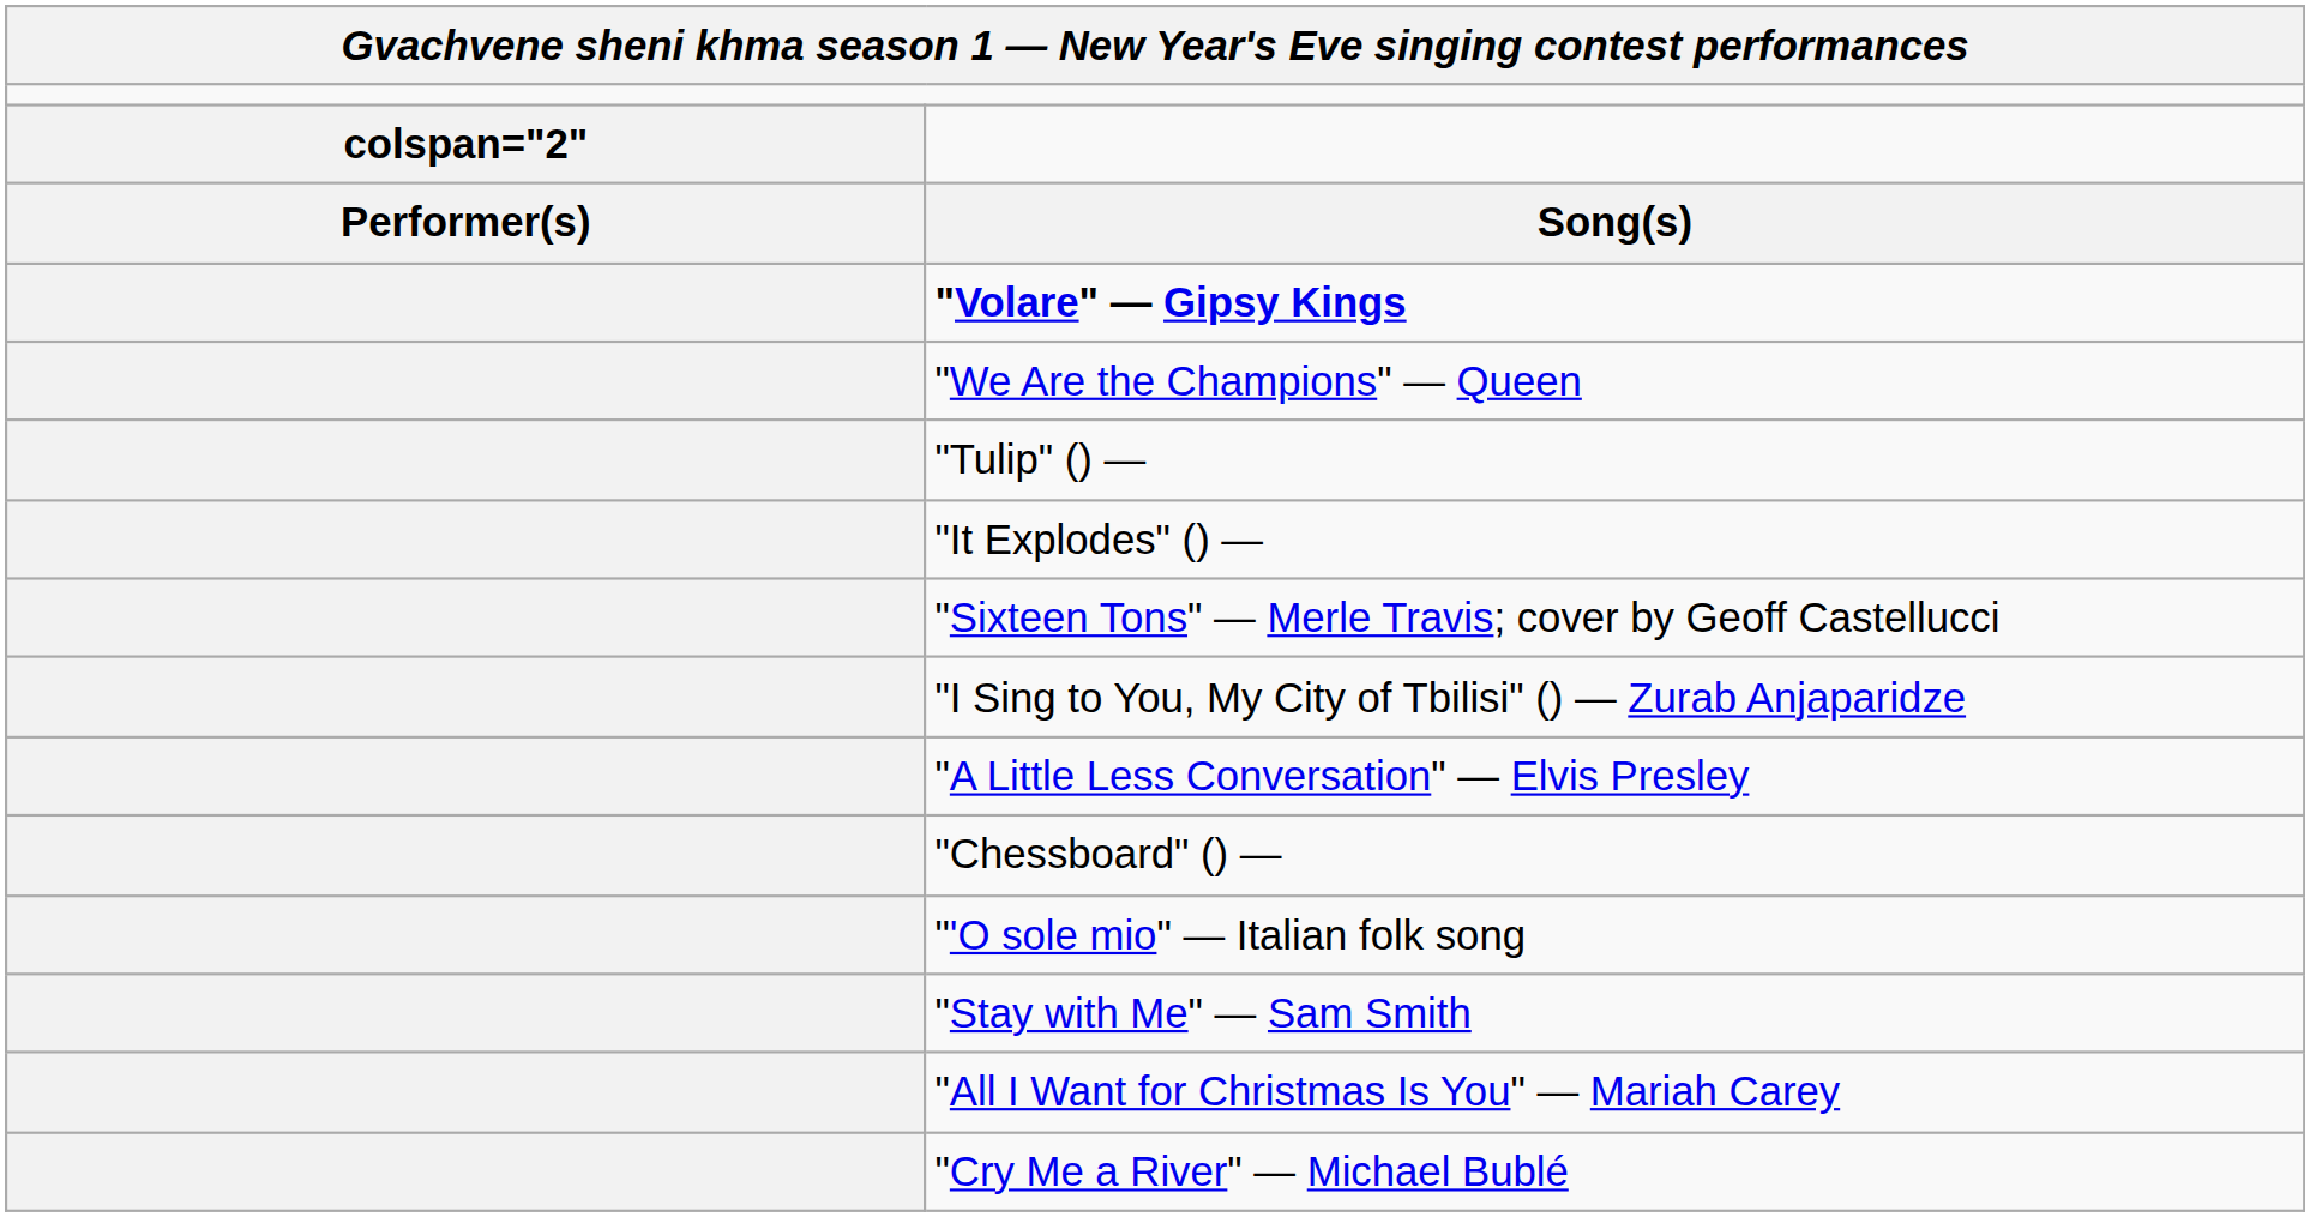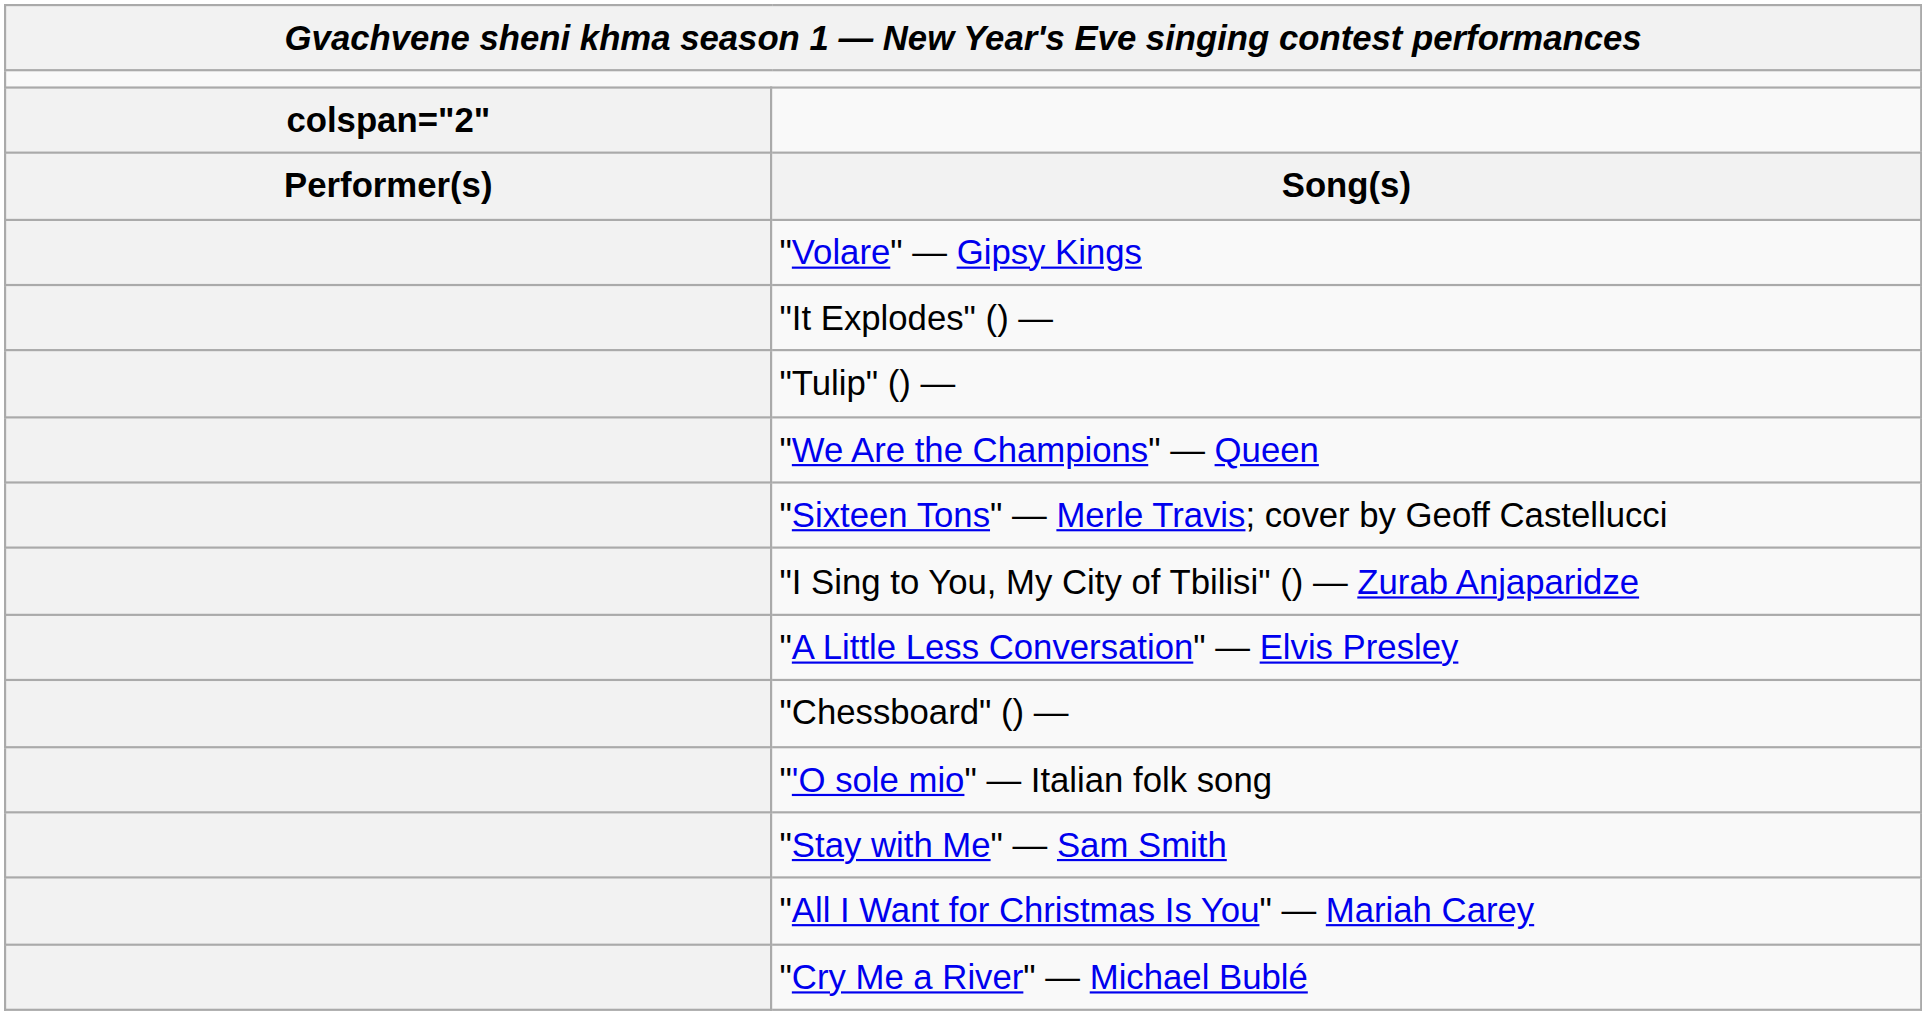 <table class="wikitable plainrowheaders mw-collapsible" style="line-height:23px; width:100%;">
 <tr>
 <th colspan=2><em>Gvachvene sheni khma season 1 — New Year's Eve singing contest performances</em></th>
 </tr>
 <tr>
 <td colspan="2"></td>
 </tr>
 <tr>
 <th>colspan="2" </th>
 </tr>
 <tr>
 <th width=40%>Performer(s)</th>
 <th>Song(s)</th>
 </tr>
 <tr>
 <th></th>
-<td><strong>"<a href='#'>Volare</a>" — <a href='#'>Gipsy Kings</a></strong></td>
+<td>"<a href='#'>Volare</a>" — <a href='#'>Gipsy Kings</a></td>
 </tr>
 <tr>
 <th></th>
-<td>"<a href='#'>We Are the Champions</a>" — <a href='#'>Queen</a></td>
+<td>"It Explodes" () — </td>
 </tr>
 <tr>
 <th></th>
 <td>"Tulip" () — </td>
 </tr>
 <tr>
 <th></th>
-<td>"It Explodes" () — </td>
+<td>"<a href='#'>We Are the Champions</a>" — <a href='#'>Queen</a></td>
 </tr>
 <tr>
 <th></th>
 <td>"<a href='#'>Sixteen Tons</a>" — <a href='#'>Merle Travis</a>; cover by Geoff Castellucci</td>
 </tr>
 <tr>
 <th></th>
 <td>"I Sing to You, My City of Tbilisi" () — <a href='#'>Zurab Anjaparidze</a></td>
 </tr>
 <tr>
 <th></th>
 <td>"<a href='#'>A Little Less Conversation</a>" — <a href='#'>Elvis Presley</a></td>
 </tr>
 <tr>
 <th></th>
 <td>"Chessboard" () — </td>
 </tr>
 <tr>
 <th></th>
 <td>"<a href='#'>'O sole mio</a>" — Italian folk song</td>
 </tr>
 <tr>
 <th></th>
 <td>"<a href='#'>Stay with Me</a>" — <a href='#'>Sam Smith</a></td>
 </tr>
 <tr>
 <th></th>
 <td>"<a href='#'>All I Want for Christmas Is You</a>" — <a href='#'>Mariah Carey</a></td>
 </tr>
 <tr>
 <th></th>
 <td>"<a href='#'>Cry Me a River</a>" — <a href='#'>Michael Bublé</a></td>
 </tr>
 </table>
